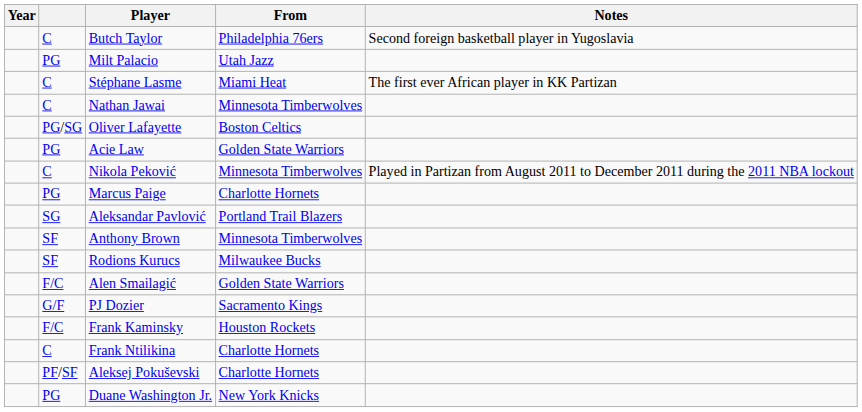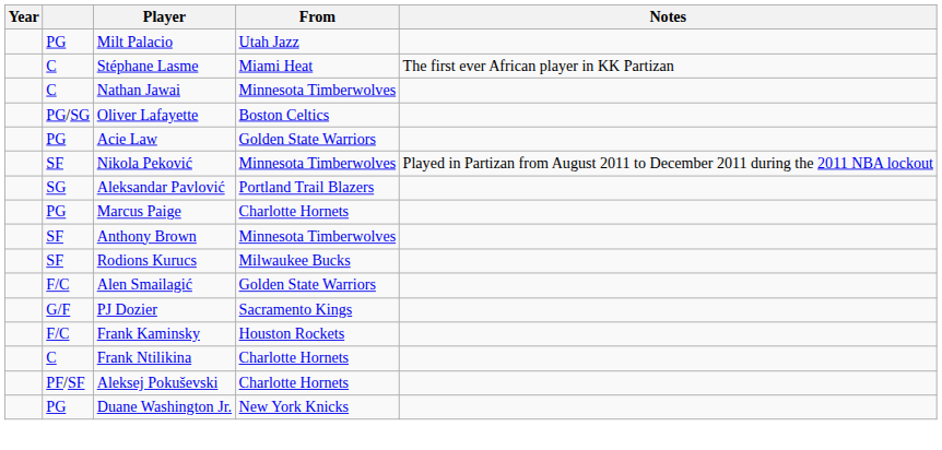 <table class="wikitable sortable" style="text-align: left;">
 <tr>
 <th>Year</th>
 <th></th>
 <th>Player</th>
 <th>From</th>
 <th>Notes</th>
-</tr>
-<tr>
-<td></td>
-<td><a href='#'>C</a></td>
-<td> <a href='#'>Butch Taylor</a></td>
-<td><a href='#'>Philadelphia 76ers</a></td>
-<td>Second foreign basketball player in Yugoslavia</td>
 </tr>
 <tr>
 <td></td>
 <td><a href='#'>PG</a></td>
 <td> <a href='#'>Milt Palacio</a></td>
 <td><a href='#'>Utah Jazz</a></td>
 <td></td>
 </tr>
 <tr>
 <td></td>
 <td><a href='#'>C</a></td>
 <td> <a href='#'>Stéphane Lasme</a></td>
 <td><a href='#'>Miami Heat</a></td>
 <td>The first ever African player in KK Partizan</td>
 </tr>
 <tr>
 <td></td>
 <td><a href='#'>C</a></td>
 <td> <a href='#'>Nathan Jawai</a></td>
 <td><a href='#'>Minnesota Timberwolves</a></td>
 <td></td>
 </tr>
 <tr>
 <td></td>
 <td><a href='#'>PG</a>/<a href='#'>SG</a></td>
 <td> <a href='#'>Oliver Lafayette</a></td>
 <td><a href='#'>Boston Celtics</a></td>
 <td></td>
 </tr>
 <tr>
 <td></td>
 <td><a href='#'>PG</a></td>
 <td> <a href='#'>Acie Law</a></td>
 <td><a href='#'>Golden State Warriors</a></td>
 <td></td>
 </tr>
 <tr>
 <td></td>
-<td><a href='#'>C</a></td>
+<td><a href='#'>SF</a></td>
 <td> <a href='#'>Nikola Peković</a></td>
 <td><a href='#'>Minnesota Timberwolves</a></td>
 <td>Played in Partizan from August 2011 to December 2011 during the <a href='#'>2011 NBA lockout</a></td>
 </tr>
 <tr>
 <td></td>
-<td><a href='#'>PG</a></td>
-<td> <a href='#'>Marcus Paige</a></td>
-<td><a href='#'>Charlotte Hornets</a></td>
+<td><a href='#'>SG</a></td>
+<td> <a href='#'>Aleksandar Pavlović</a></td>
+<td><a href='#'>Portland Trail Blazers</a></td>
 <td></td>
 </tr>
 <tr>
 <td></td>
-<td><a href='#'>SG</a></td>
-<td> <a href='#'>Aleksandar Pavlović</a></td>
-<td><a href='#'>Portland Trail Blazers</a></td>
+<td><a href='#'>PG</a></td>
+<td> <a href='#'>Marcus Paige</a></td>
+<td><a href='#'>Charlotte Hornets</a></td>
 <td></td>
 </tr>
 <tr>
 <td></td>
 <td><a href='#'>SF</a></td>
 <td> <a href='#'>Anthony Brown</a></td>
 <td><a href='#'>Minnesota Timberwolves</a></td>
 <td></td>
 </tr>
 <tr>
 <td></td>
 <td><a href='#'>SF</a></td>
 <td> <a href='#'>Rodions Kurucs</a></td>
 <td><a href='#'>Milwaukee Bucks</a></td>
 <td></td>
 </tr>
 <tr>
 <td></td>
 <td><a href='#'>F/C</a></td>
 <td> <a href='#'>Alen Smailagić</a></td>
 <td><a href='#'>Golden State Warriors</a></td>
 <td></td>
 </tr>
 <tr>
 <td></td>
 <td><a href='#'>G/F</a></td>
 <td> <a href='#'>PJ Dozier</a></td>
 <td><a href='#'>Sacramento Kings</a></td>
 <td></td>
 </tr>
 <tr>
 <td></td>
 <td><a href='#'>F/C</a></td>
 <td> <a href='#'>Frank Kaminsky</a></td>
 <td><a href='#'>Houston Rockets</a></td>
 <td></td>
 </tr>
 <tr>
 <td></td>
 <td><a href='#'>C</a></td>
 <td> <a href='#'>Frank Ntilikina</a></td>
 <td><a href='#'>Charlotte Hornets</a></td>
 <td></td>
 </tr>
 <tr>
 <td></td>
 <td><a href='#'>PF</a>/<a href='#'>SF</a></td>
 <td> <a href='#'>Aleksej Pokuševski</a></td>
 <td><a href='#'>Charlotte Hornets</a></td>
 <td></td>
 </tr>
 <tr>
 <td></td>
 <td><a href='#'>PG</a></td>
 <td> <a href='#'>Duane Washington Jr.</a></td>
 <td><a href='#'>New York Knicks</a></td>
 <td></td>
 </tr>
 </table>
